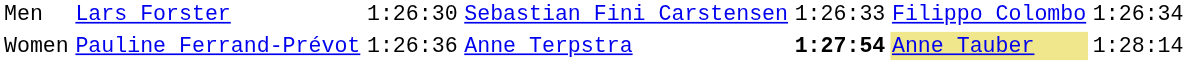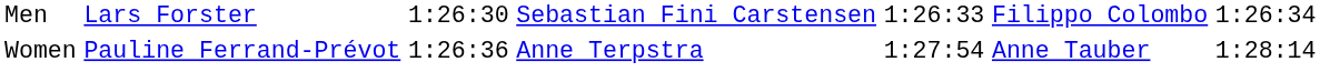 <table>
 <tr>
 <td align="left">Men</td>
 <td> <a href='#'>Lars Forster</a></td>
 <td>1:26:30</td>
 <td> <a href='#'>Sebastian Fini Carstensen</a></td>
 <td>1:26:33</td>
 <td> <a href='#'>Filippo Colombo</a></td>
 <td>1:26:34</td>
 </tr>
 <tr>
 <td align="left">Women</td>
 <td> <a href='#'>Pauline Ferrand-Prévot</a></td>
 <td>1:26:36</td>
 <td> <a href='#'>Anne Terpstra</a></td>
-<td><strong>1:27:54</strong></td>
-<td style="background: khaki;"> <a href='#'>Anne Tauber</a></td>
+<td>1:27:54</td>
+<td> <a href='#'>Anne Tauber</a></td>
 <td>1:28:14</td>
 </tr>
 </table>
